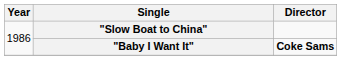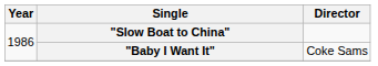 <table class="wikitable plainrowheaders" style="text-align:center;">
 <tr>
 <th>Year</th>
 <th style="width:22em;">Single</th>
 <th>Director</th>
 </tr>
 <tr>
 <td rowspan="2">1986</td>
 <th scope="row">"Slow Boat to China"</th>
 <td></td>
 </tr>
 <tr>
 <th scope="row">"Baby I Want It"</th>
-<td><strong>Coke Sams</strong></td>
+<td>Coke Sams</td>
 </tr>
 <tr>
 </tr>
 </table>
